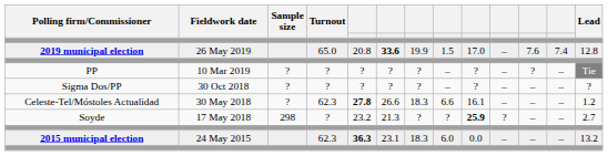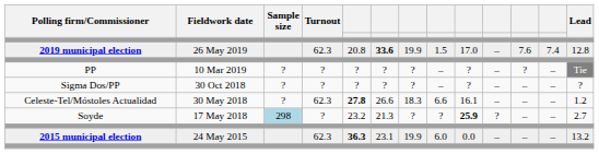 <table class="wikitable collapsible collapsed" style="text-align:center; font-size:95%; line-height:16px;">
 <tr style="height:42px;">
 <th style="width:250px;" rowspan="2">Polling firm/Commissioner</th>
 <th style="width:125px;" rowspan="2">Fieldwork date</th>
 <th style="width:50px;" rowspan="2">Sample size</th>
 <th style="width:45px;" rowspan="2">Turnout</th>
 <th style="width:35px;"></th>
 <th style="width:35px;"></th>
 <th style="width:35px;"></th>
 <th style="width:35px;"></th>
 <th style="width:35px;"></th>
 <th style="width:35px;"></th>
 <th style="width:35px;"></th>
 <th style="width:35px;"></th>
 <th style="width:30px;" rowspan="2">Lead</th>
 </tr>
 <tr>
 <th style="color:inherit;background:"></th>
 <th style="color:inherit;background:"></th>
 <th style="color:inherit;background:"></th>
 <th style="color:inherit;background:"></th>
 <th style="color:inherit;background:"></th>
 <th style="color:inherit;background:"></th>
 <th style="color:inherit;background:"></th>
 <th style="color:inherit;background:"></th>
 </tr>
 <tr>
 <td colspan="13" style="background:#A0A0A0"></td>
 </tr>
 <tr style="background:#EFEFEF;">
 <td><strong><a href='#'>2019 municipal election</a></strong></td>
 <td>26 May 2019</td>
 <td></td>
-<td>65.0</td>
+<td>62.3</td>
 <td>20.8<br></td>
 <td><strong>33.6</strong><br></td>
 <td>19.9<br></td>
 <td>1.5<br></td>
 <td>17.0<br></td>
 <td>–</td>
 <td>7.6<br></td>
 <td>7.4<br></td>
 <td style="background:">12.8</td>
 </tr>
 <tr>
 <td colspan="13" style="background:#A0A0A0"></td>
 </tr>
 <tr>
 <td>PP</td>
 <td>10 Mar 2019</td>
 <td>?</td>
 <td>?</td>
 <td>?<br></td>
 <td>?<br></td>
 <td>?<br></td>
 <td>–</td>
 <td>?<br></td>
 <td>–</td>
 <td>?<br></td>
 <td>–</td>
 <td style="background:gray; color:white;">Tie</td>
 </tr>
 <tr>
 <td>Sigma Dos/PP</td>
 <td>30 Oct 2018</td>
 <td>?</td>
 <td>?</td>
 <td>?<br></td>
 <td>?<br></td>
 <td>?<br></td>
 <td>–</td>
 <td>?<br></td>
 <td>–</td>
 <td>–</td>
 <td>–</td>
 <td style="background:">?</td>
 </tr>
 <tr>
 <td>Celeste-Tel/Móstoles Actualidad</td>
 <td>30 May 2018</td>
 <td>?</td>
 <td>62.3</td>
 <td><strong>27.8</strong><br></td>
 <td>26.6<br></td>
 <td>18.3<br></td>
 <td>6.6<br></td>
 <td>16.1<br></td>
 <td>–</td>
 <td>–</td>
 <td>–</td>
 <td style="background:">1.2</td>
 </tr>
 <tr>
 <td>Soyde</td>
 <td>17 May 2018</td>
-<td>298</td>
+<td style="background: lightblue;">298</td>
 <td>?</td>
 <td>23.2<br></td>
 <td>21.3<br></td>
 <td>?<br></td>
 <td>?<br></td>
 <td><strong>25.9</strong><br></td>
 <td>?<br></td>
 <td>–</td>
 <td>–</td>
 <td style="background:">2.7</td>
 </tr>
 <tr>
 <td colspan="13" style="background:#A0A0A0"></td>
 </tr>
 <tr style="background:#EFEFEF;">
 <td><strong><a href='#'>2015 municipal election</a></strong></td>
 <td>24 May 2015</td>
 <td></td>
 <td>62.3</td>
 <td><strong>36.3</strong><br></td>
 <td>23.1<br></td>
-<td>18.3<br></td>
+<td>19.9<br></td>
 <td>6.0<br></td>
 <td>0.0<br></td>
 <td>–</td>
 <td>–</td>
 <td>–</td>
 <td style="background:">13.2</td>
 </tr>
 <tr>
 <td colspan="13" style="background:#A0A0A0"></td>
 </tr>
 </table>
